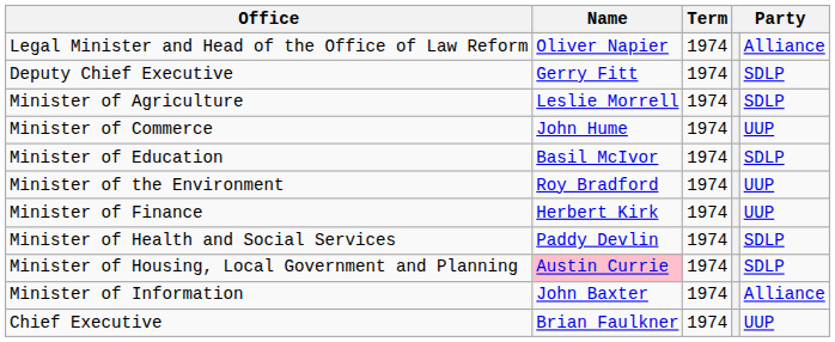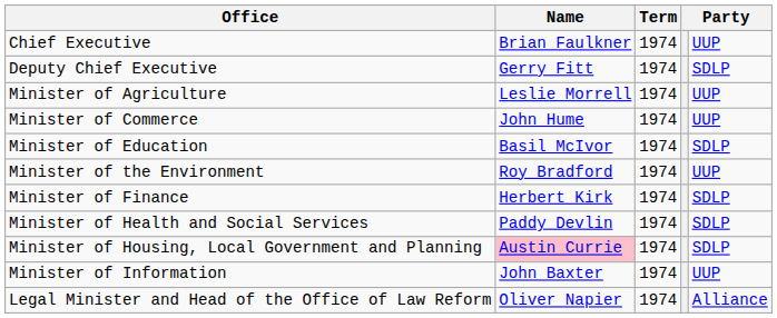 <table class="wikitable">
 <tr>
 <th>Office</th>
 <th>Name</th>
 <th>Term</th>
 <th colspan="2">Party</th>
 </tr>
 <tr>
-<td>Legal Minister and Head of the Office of Law Reform</td>
-<td><a href='#'>Oliver Napier</a></td>
+<td>Chief Executive</td>
+<td><a href='#'>Brian Faulkner</a></td>
 <td>1974</td>
 <th style="background-color: "></th>
-<td><a href='#'>Alliance</a></td>
+<td><a href='#'>UUP</a></td>
 </tr>
 <tr>
 <td>Deputy Chief Executive</td>
 <td><a href='#'>Gerry Fitt</a></td>
 <td>1974</td>
 <th style="background-color: "></th>
 <td><a href='#'>SDLP</a></td>
 </tr>
 <tr>
 <td>Minister of Agriculture</td>
 <td><a href='#'>Leslie Morrell</a></td>
 <td>1974</td>
 <th style="background-color: "></th>
-<td><a href='#'>SDLP</a></td>
+<td><a href='#'>UUP</a></td>
 </tr>
 <tr>
 <td>Minister of Commerce</td>
 <td><a href='#'>John Hume</a></td>
 <td>1974</td>
 <th style="background-color: "></th>
 <td><a href='#'>UUP</a></td>
 </tr>
 <tr>
 <td>Minister of Education</td>
 <td><a href='#'>Basil McIvor</a></td>
 <td>1974</td>
 <th style="background-color: "></th>
 <td><a href='#'>SDLP</a></td>
 </tr>
 <tr>
 <td>Minister of the Environment</td>
 <td><a href='#'>Roy Bradford</a></td>
 <td>1974</td>
 <th style="background-color: "></th>
 <td><a href='#'>UUP</a></td>
 </tr>
 <tr>
 <td>Minister of Finance</td>
 <td><a href='#'>Herbert Kirk</a></td>
 <td>1974</td>
 <th style="background-color: "></th>
-<td><a href='#'>UUP</a></td>
+<td><a href='#'>SDLP</a></td>
 </tr>
 <tr>
 <td>Minister of Health and Social Services</td>
 <td><a href='#'>Paddy Devlin</a></td>
 <td>1974</td>
 <th style="background-color: "></th>
 <td><a href='#'>SDLP</a></td>
 </tr>
 <tr>
 <td>Minister of Housing, Local Government and Planning</td>
 <td style="background: pink;"><a href='#'>Austin Currie</a></td>
 <td>1974</td>
 <th style="background-color: "></th>
 <td><a href='#'>SDLP</a></td>
 </tr>
 <tr>
 <td>Minister of Information</td>
 <td><a href='#'>John Baxter</a></td>
 <td>1974</td>
 <th style="background-color: "></th>
+<td><a href='#'>UUP</a></td>
+</tr>
+<tr>
+<td>Legal Minister and Head of the Office of Law Reform</td>
+<td><a href='#'>Oliver Napier</a></td>
+<td>1974</td>
+<th style="background-color: "></th>
 <td><a href='#'>Alliance</a></td>
 </tr>
-<tr>
-<td>Chief Executive</td>
-<td><a href='#'>Brian Faulkner</a></td>
-<td>1974</td>
-<th style="background-color: "></th>
-<td><a href='#'>UUP</a></td>
-</tr>
 </table>
